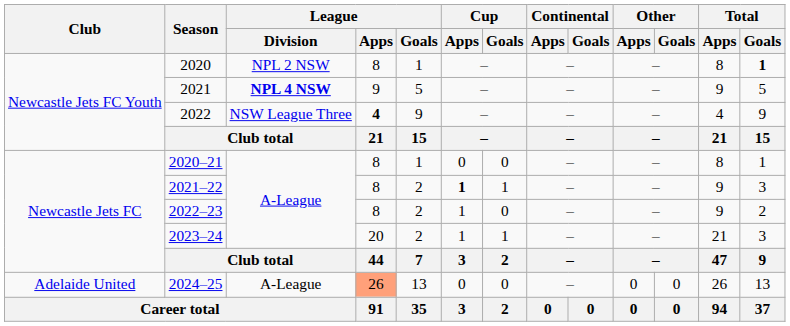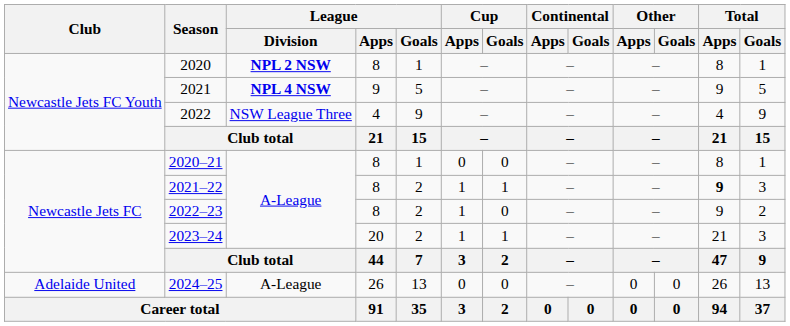 <table class="wikitable" style="text-align:center">
 <tr>
 <th rowspan="2">Club</th>
 <th rowspan="2">Season</th>
 <th colspan="3">League</th>
 <th colspan="2">Cup</th>
 <th colspan="2">Continental</th>
 <th colspan="2">Other</th>
 <th colspan="2">Total</th>
 </tr>
 <tr>
 <th>Division</th>
 <th>Apps</th>
 <th>Goals</th>
 <th>Apps</th>
 <th>Goals</th>
 <th>Apps</th>
 <th>Goals</th>
 <th>Apps</th>
 <th>Goals</th>
 <th>Apps</th>
 <th>Goals</th>
 </tr>
 <tr>
 <td rowspan="4"><a href='#'>Newcastle Jets FC Youth</a></td>
 <td>2020</td>
-<td><a href='#'>NPL 2 NSW</a></td>
+<td><strong><a href='#'>NPL 2 NSW</a></strong></td>
 <td>8</td>
 <td>1</td>
 <td colspan="2">–</td>
 <td colspan="2">–</td>
 <td colspan="2">–</td>
 <td>8</td>
-<td><strong>1</strong></td>
+<td>1</td>
 </tr>
 <tr>
 <td>2021</td>
 <td><strong><a href='#'>NPL 4 NSW</a></strong></td>
 <td>9</td>
 <td>5</td>
 <td colspan="2">–</td>
 <td colspan="2">–</td>
 <td colspan="2">–</td>
 <td>9</td>
 <td>5</td>
 </tr>
 <tr>
 <td>2022</td>
 <td><a href='#'>NSW League Three</a></td>
-<td><strong>4</strong></td>
+<td>4</td>
 <td>9</td>
 <td colspan="2">–</td>
 <td colspan="2">–</td>
 <td colspan="2">–</td>
 <td>4</td>
 <td>9</td>
 </tr>
 <tr>
 <th colspan="2">Club total</th>
 <th>21</th>
 <th>15</th>
 <th colspan="2">–</th>
 <th colspan="2">–</th>
 <th colspan="2">–</th>
 <th>21</th>
 <th>15</th>
 </tr>
 <tr>
 <td rowspan="5"><a href='#'>Newcastle Jets FC</a></td>
 <td><a href='#'>2020–21</a></td>
 <td rowspan="4"><a href='#'>A-League</a></td>
 <td>8</td>
 <td>1</td>
 <td>0</td>
 <td>0</td>
 <td colspan="2">–</td>
 <td colspan="2">–</td>
 <td>8</td>
 <td>1</td>
 </tr>
 <tr>
 <td><a href='#'>2021–22</a></td>
 <td>8</td>
 <td>2</td>
-<td><strong>1</strong></td>
+<td>1</td>
 <td>1</td>
 <td colspan="2">–</td>
 <td colspan="2">–</td>
-<td>9</td>
+<td><strong>9</strong></td>
 <td>3</td>
 </tr>
 <tr>
 <td><a href='#'>2022–23</a></td>
 <td>8</td>
 <td>2</td>
 <td>1</td>
 <td>0</td>
 <td colspan="2">–</td>
 <td colspan="2">–</td>
 <td>9</td>
 <td>2</td>
 </tr>
 <tr>
 <td><a href='#'>2023–24</a></td>
 <td>20</td>
 <td>2</td>
 <td>1</td>
 <td>1</td>
 <td colspan="2">–</td>
 <td colspan="2">–</td>
 <td>21</td>
 <td>3</td>
 </tr>
 <tr>
 <th colspan="2">Club total</th>
 <th>44</th>
 <th>7</th>
 <th>3</th>
 <th>2</th>
 <th colspan="2">–</th>
 <th colspan="2">–</th>
 <th>47</th>
 <th>9</th>
 </tr>
 <tr>
 <td><a href='#'>Adelaide United</a></td>
 <td><a href='#'>2024–25</a></td>
 <td>A-League</td>
-<td style="background: lightsalmon;">26</td>
+<td>26</td>
 <td>13</td>
 <td>0</td>
 <td>0</td>
 <td colspan="2">–</td>
 <td>0</td>
 <td>0</td>
 <td>26</td>
 <td>13</td>
 </tr>
 <tr>
 <th colspan="3">Career total</th>
 <th>91</th>
 <th>35</th>
 <th>3</th>
 <th>2</th>
 <th>0</th>
 <th>0</th>
 <th>0</th>
 <th>0</th>
 <th>94</th>
 <th>37</th>
 </tr>
 </table>
